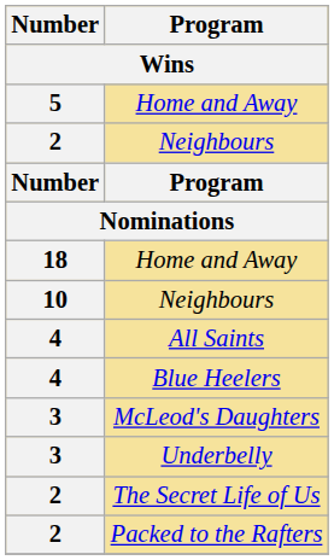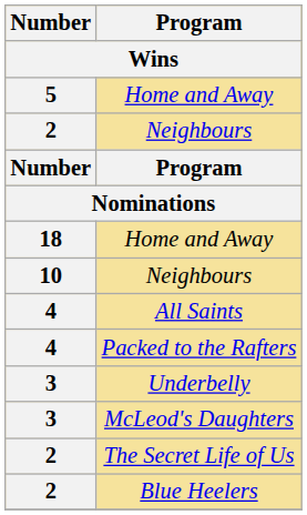 <table class="wikitable" rowspan="2" style="text-align: center; background: #f6e39c">
 <tr>
 <th scope="col" style="width:55px;">Number</th>
 <th scope="col" style="text-align:center;">Program</th>
 </tr>
 <tr>
 <th colspan="2">Wins</th>
 </tr>
 <tr>
 <th scope="row">5</th>
 <td><em><a href='#'>Home and Away</a></em></td>
 </tr>
 <tr>
 <th scope="row">2</th>
 <td><em><a href='#'>Neighbours</a></em></td>
 </tr>
 <tr>
 <th scope="col" style="width:55px;">Number</th>
 <th scope="col" style="text-align:center;">Program</th>
 </tr>
 <tr>
 <th colspan="2">Nominations</th>
 </tr>
 <tr>
 <th scope="row">18</th>
 <td><em>Home and Away</em></td>
 </tr>
 <tr>
 <th scope="row">10</th>
 <td><em>Neighbours</em></td>
 </tr>
 <tr>
 <th scope="row">4</th>
 <td><em><a href='#'>All Saints</a></em></td>
 </tr>
 <tr>
 <th scope="row">4</th>
-<td><em><a href='#'>Blue Heelers</a></em></td>
+<td><em><a href='#'>Packed to the Rafters</a></em></td>
+</tr>
+<tr>
+<th scope="row">3</th>
+<td><em><a href='#'>Underbelly</a></em></td>
 </tr>
 <tr>
 <th scope="row">3</th>
 <td><em><a href='#'>McLeod's Daughters</a></em></td>
-</tr>
-<tr>
-<th scope="row">3</th>
-<td><em><a href='#'>Underbelly</a></em></td>
 </tr>
 <tr>
 <th scope="row">2</th>
 <td><em><a href='#'>The Secret Life of Us</a></em></td>
 </tr>
 <tr>
 <th scope="row">2</th>
-<td><em><a href='#'>Packed to the Rafters</a></em></td>
+<td><em><a href='#'>Blue Heelers</a></em></td>
 </tr>
 <tr>
 </tr>
 </table>
